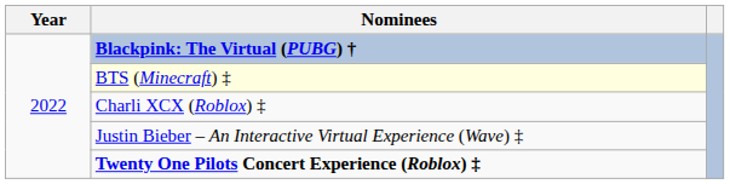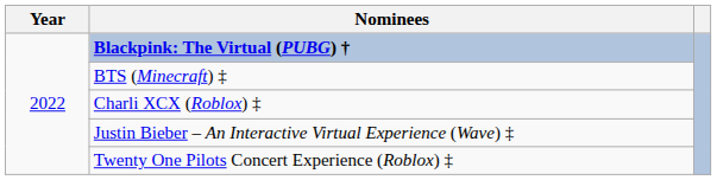 <table class="wikitable" style="width:50%;">
 <tr>
 <th style="width:5%;">Year</th>
 <th style="width:40%;">Nominees</th>
 <th style="width:1%;"></th>
 </tr>
 <tr>
 <td rowspan="6" align="center"><a href='#'>2022</a></td>
 <td align="left" style="background:#B0C4DE"><strong><a href='#'>Blackpink: The Virtual</a> (<a href='#'><em>PUBG</em></a>) †</strong></td>
 <td rowspan="6" align="center" style="background:#B0C4DE"></td>
 </tr>
 <tr>
-<td style="background: lightyellow;"><a href='#'>BTS</a> (<em><a href='#'>Minecraft</a></em>) ‡</td>
+<td><a href='#'>BTS</a> (<em><a href='#'>Minecraft</a></em>) ‡</td>
 </tr>
 <tr>
 <td><a href='#'>Charli XCX</a> (<em><a href='#'>Roblox</a></em>) ‡</td>
 </tr>
 <tr>
 <td><a href='#'>Justin Bieber</a> – <em>An Interactive Virtual Experience</em> (<em>Wave</em>) ‡</td>
 </tr>
 <tr>
-<td><strong><a href='#'>Twenty One Pilots</a> Concert Experience (<em>Roblox</em>) ‡</strong></td>
+<td><a href='#'>Twenty One Pilots</a> Concert Experience (<em>Roblox</em>) ‡</td>
 </tr>
 </table>
